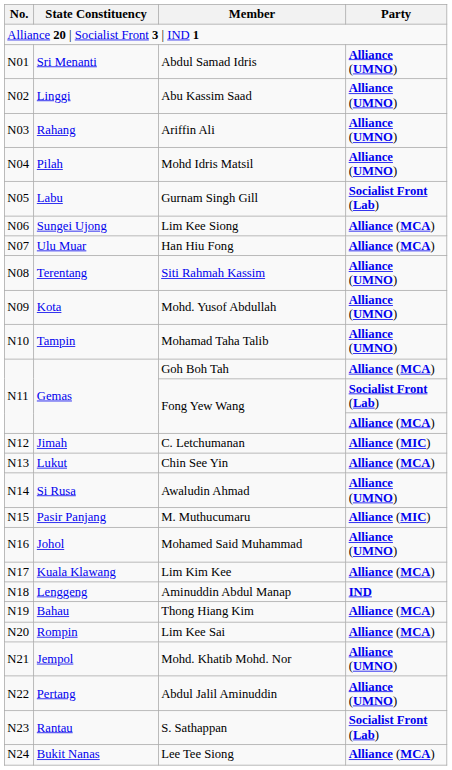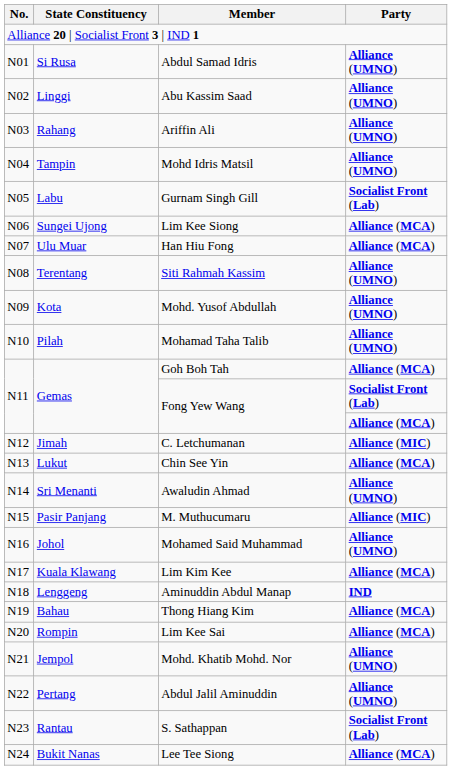 <table class="wikitable sortable">
 <tr>
 <th style="width:30px;">No.</th>
 <th style="width:150px;">State Constituency</th>
 <th style="width:230px;">Member</th>
 <th style="width:120px;">Party</th>
 </tr>
 <tr>
 <td colspan="4"><a href='#'>Alliance</a> <strong>20</strong> | <a href='#'>Socialist Front</a> <strong>3</strong> | <a href='#'>IND</a> <strong>1</strong></td>
 </tr>
 <tr>
 <td>N01</td>
-<td><a href='#'>Sri Menanti</a></td>
+<td><a href='#'>Si Rusa</a></td>
 <td>Abdul Samad Idris</td>
 <td><strong><a href='#'>Alliance</a></strong> (<strong><a href='#'>UMNO</a></strong>)</td>
 </tr>
 <tr>
 <td>N02</td>
 <td><a href='#'>Linggi</a></td>
 <td>Abu Kassim Saad</td>
 <td><strong><a href='#'>Alliance</a></strong> (<strong><a href='#'>UMNO</a></strong>)</td>
 </tr>
 <tr>
 <td>N03</td>
 <td><a href='#'>Rahang</a></td>
 <td>Ariffin Ali</td>
 <td><strong><a href='#'>Alliance</a></strong> (<strong><a href='#'>UMNO</a></strong>)</td>
 </tr>
 <tr>
 <td>N04</td>
-<td><a href='#'>Pilah</a></td>
+<td><a href='#'>Tampin</a></td>
 <td>Mohd Idris Matsil</td>
 <td><strong><a href='#'>Alliance</a></strong> (<strong><a href='#'>UMNO</a></strong>)</td>
 </tr>
 <tr>
 <td>N05</td>
 <td><a href='#'>Labu</a></td>
 <td>Gurnam Singh Gill</td>
 <td><strong><a href='#'>Socialist Front</a></strong> (<strong><a href='#'>Lab</a></strong>)</td>
 </tr>
 <tr>
 <td>N06</td>
 <td><a href='#'>Sungei Ujong</a></td>
 <td>Lim Kee Siong</td>
 <td><strong><a href='#'>Alliance</a></strong> (<strong><a href='#'>MCA</a></strong>)</td>
 </tr>
 <tr>
 <td>N07</td>
 <td><a href='#'>Ulu Muar</a></td>
 <td>Han Hiu Fong</td>
 <td><strong><a href='#'>Alliance</a></strong> (<strong><a href='#'>MCA</a></strong>)</td>
 </tr>
 <tr>
 <td>N08</td>
 <td><a href='#'>Terentang</a></td>
 <td><a href='#'>Siti Rahmah Kassim</a></td>
 <td><strong><a href='#'>Alliance</a></strong> (<strong><a href='#'>UMNO</a></strong>)</td>
 </tr>
 <tr>
 <td>N09</td>
 <td><a href='#'>Kota</a></td>
 <td>Mohd. Yusof Abdullah</td>
 <td><strong><a href='#'>Alliance</a></strong> (<strong><a href='#'>UMNO</a></strong>)</td>
 </tr>
 <tr>
 <td>N10</td>
-<td><a href='#'>Tampin</a></td>
+<td><a href='#'>Pilah</a></td>
 <td>Mohamad Taha Talib</td>
 <td><strong><a href='#'>Alliance</a></strong> (<strong><a href='#'>UMNO</a></strong>)</td>
 </tr>
 <tr>
 <td rowspan=3>N11</td>
 <td rowspan=3><a href='#'>Gemas</a></td>
 <td>Goh Boh Tah </td>
 <td><strong><a href='#'>Alliance</a></strong> (<strong><a href='#'>MCA</a></strong>)</td>
 </tr>
 <tr>
 <td rowspan=2>Fong Yew Wang </td>
 <td><strong><a href='#'>Socialist Front</a></strong> (<strong><a href='#'>Lab</a></strong>)</td>
 </tr>
 <tr>
 <td><strong><a href='#'>Alliance</a></strong> (<strong><a href='#'>MCA</a></strong>)</td>
 </tr>
 <tr>
 <td>N12</td>
 <td><a href='#'>Jimah</a></td>
 <td>C. Letchumanan</td>
 <td><strong><a href='#'>Alliance</a></strong> (<strong><a href='#'>MIC</a></strong>)</td>
 </tr>
 <tr>
 <td>N13</td>
 <td><a href='#'>Lukut</a></td>
 <td>Chin See Yin</td>
 <td><strong><a href='#'>Alliance</a></strong> (<strong><a href='#'>MCA</a></strong>)</td>
 </tr>
 <tr>
 <td>N14</td>
-<td><a href='#'>Si Rusa</a></td>
+<td><a href='#'>Sri Menanti</a></td>
 <td>Awaludin Ahmad</td>
 <td><strong><a href='#'>Alliance</a></strong> (<strong><a href='#'>UMNO</a></strong>)</td>
 </tr>
 <tr>
 <td>N15</td>
 <td><a href='#'>Pasir Panjang</a></td>
 <td>M. Muthucumaru</td>
 <td><strong><a href='#'>Alliance</a></strong> (<strong><a href='#'>MIC</a></strong>)</td>
 </tr>
 <tr>
 <td>N16</td>
 <td><a href='#'>Johol</a></td>
 <td>Mohamed Said Muhammad</td>
 <td><strong><a href='#'>Alliance</a></strong> (<strong><a href='#'>UMNO</a></strong>)</td>
 </tr>
 <tr>
 <td>N17</td>
 <td><a href='#'>Kuala Klawang</a></td>
 <td>Lim Kim Kee</td>
 <td><strong><a href='#'>Alliance</a></strong> (<strong><a href='#'>MCA</a></strong>)</td>
 </tr>
 <tr>
 <td>N18</td>
 <td><a href='#'>Lenggeng</a></td>
 <td>Aminuddin Abdul Manap</td>
 <td><strong><a href='#'>IND</a></strong></td>
 </tr>
 <tr>
 <td>N19</td>
 <td><a href='#'>Bahau</a></td>
 <td>Thong Hiang Kim</td>
 <td><strong><a href='#'>Alliance</a></strong> (<strong><a href='#'>MCA</a></strong>)</td>
 </tr>
 <tr>
 <td>N20</td>
 <td><a href='#'>Rompin</a></td>
 <td>Lim Kee Sai</td>
 <td><strong><a href='#'>Alliance</a></strong> (<strong><a href='#'>MCA</a></strong>)</td>
 </tr>
 <tr>
 <td>N21</td>
 <td><a href='#'>Jempol</a></td>
 <td>Mohd. Khatib Mohd. Nor</td>
 <td><strong><a href='#'>Alliance</a></strong> (<strong><a href='#'>UMNO</a></strong>)</td>
 </tr>
 <tr>
 <td>N22</td>
 <td><a href='#'>Pertang</a></td>
 <td>Abdul Jalil Aminuddin</td>
 <td><strong><a href='#'>Alliance</a></strong> (<strong><a href='#'>UMNO</a></strong>)</td>
 </tr>
 <tr>
 <td>N23</td>
 <td><a href='#'>Rantau</a></td>
 <td>S. Sathappan</td>
 <td><strong><a href='#'>Socialist Front</a></strong> (<strong><a href='#'>Lab</a></strong>)</td>
 </tr>
 <tr>
 <td>N24</td>
 <td><a href='#'>Bukit Nanas</a></td>
 <td>Lee Tee Siong</td>
 <td><strong><a href='#'>Alliance</a></strong> (<strong><a href='#'>MCA</a></strong>)</td>
 </tr>
 </table>
